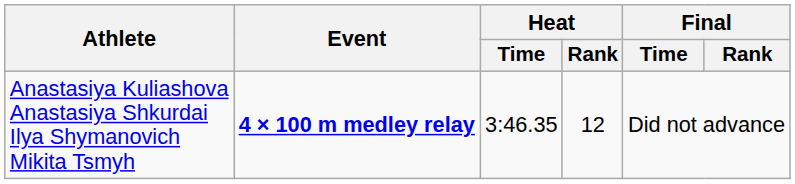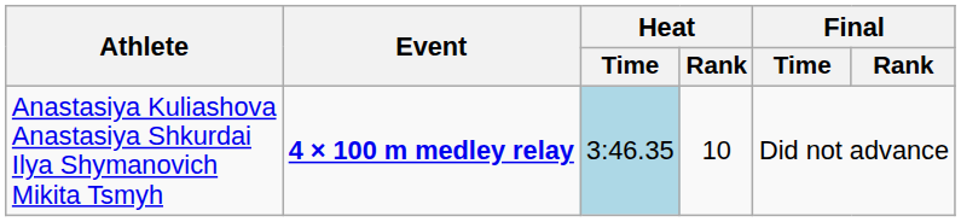 <table class=wikitable style="font-size:90%">
 <tr>
 <th rowspan="2">Athlete</th>
 <th rowspan="2">Event</th>
 <th colspan="2">Heat</th>
 <th colspan="2">Final</th>
 </tr>
 <tr style="font-size:95%">
 <th>Time</th>
 <th>Rank</th>
 <th>Time</th>
 <th>Rank</th>
 </tr>
 <tr align=center>
 <td align=left><a href='#'>Anastasiya Kuliashova</a><br><a href='#'>Anastasiya Shkurdai</a><br><a href='#'>Ilya Shymanovich</a><br><a href='#'>Mikita Tsmyh</a></td>
 <td align=left><strong><a href='#'>4 × 100 m medley relay</a></strong></td>
-<td>3:46.35</td>
-<td>12</td>
+<td style="background: lightblue;">3:46.35</td>
+<td>10</td>
 <td colspan="2">Did not advance</td>
 </tr>
 </table>
